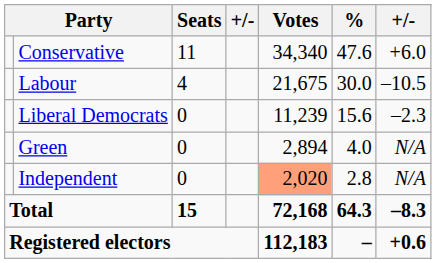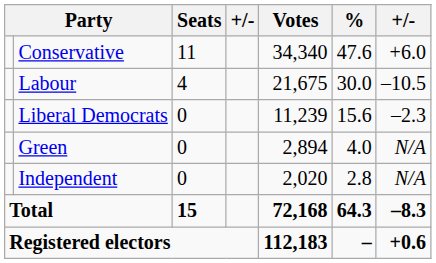 <table class="wikitable sortable">
 <tr>
 <th colspan="2">Party</th>
 <th>Seats</th>
 <th>+/-</th>
 <th>Votes</th>
 <th>%</th>
 <th>+/-</th>
 </tr>
 <tr>
 <td style="background-color: "></td>
 <td><a href='#'>Conservative</a></td>
 <td>11</td>
 <td></td>
 <td style="text-align:right;">34,340</td>
 <td style="text-align:right;">47.6</td>
 <td style="text-align:right;">+6.0</td>
 </tr>
 <tr>
 <td style="background-color: "></td>
 <td><a href='#'>Labour</a></td>
 <td>4</td>
 <td></td>
 <td style="text-align:right;">21,675</td>
 <td style="text-align:right;">30.0</td>
 <td style="text-align:right;">–10.5</td>
 </tr>
 <tr>
 <td style="background-color: "></td>
 <td><a href='#'>Liberal Democrats</a></td>
 <td>0</td>
 <td></td>
 <td style="text-align:right;">11,239</td>
 <td style="text-align:right;">15.6</td>
 <td style="text-align:right;">–2.3</td>
 </tr>
 <tr>
 <td style="background-color: "></td>
 <td><a href='#'>Green</a></td>
 <td>0</td>
 <td></td>
 <td style="text-align:right;">2,894</td>
 <td style="text-align:right;">4.0</td>
 <td style="text-align:right;"><em>N/A</em></td>
 </tr>
 <tr>
 <td style="background-color: "></td>
 <td><a href='#'>Independent</a></td>
 <td>0</td>
 <td></td>
-<td style="background: lightsalmon; text-align:right;">2,020</td>
+<td style="text-align:right;">2,020</td>
 <td style="text-align:right;">2.8</td>
 <td style="text-align:right;"><em>N/A</em></td>
 </tr>
 <tr>
 <td colspan="2"><strong>Total</strong></td>
 <td><strong>15</strong></td>
 <td></td>
 <td style="text-align:right;"><strong>72,168</strong></td>
 <td style="text-align:right;"><strong>64.3</strong></td>
 <td style="text-align:right;"><strong>–8.3</strong></td>
 </tr>
 <tr>
 <td colspan="4"><strong>Registered electors</strong></td>
 <td style="text-align:right;"><strong>112,183</strong></td>
 <td style="text-align:right;"><strong>–</strong></td>
 <td style="text-align:right;"><strong>+0.6</strong></td>
 </tr>
 </table>
